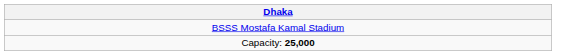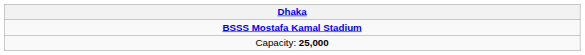 <table class="wikitable" style=text-align:center;">
 <tr>
 <th width="25%"><a href='#'>Dhaka</a></th>
 </tr>
 <tr>
-<td><a href='#'>BSSS Mostafa Kamal Stadium</a></td>
+<td><strong><a href='#'>BSSS Mostafa Kamal Stadium</a></strong></td>
 </tr>
 <tr>
 <td>Capacity: <strong>25,000</strong></td>
 </tr>
 </table>
